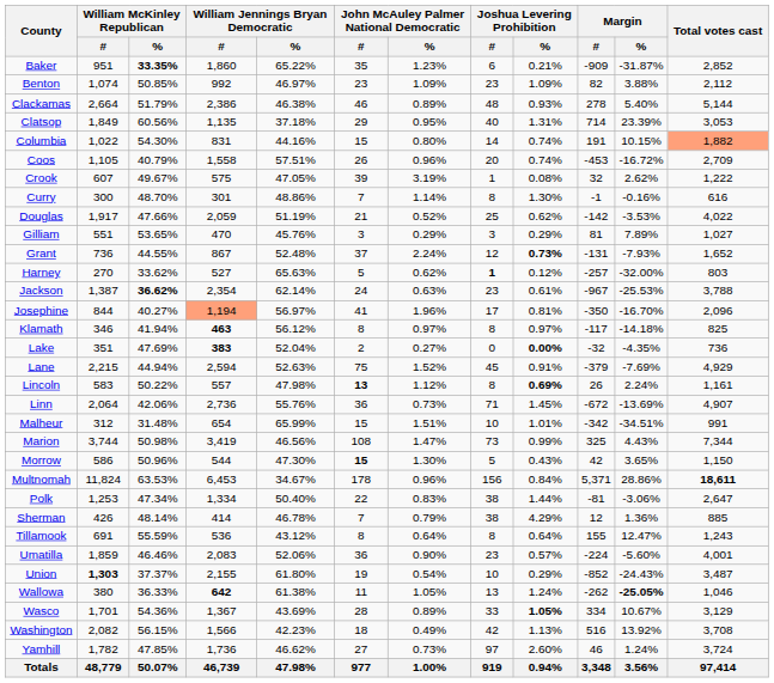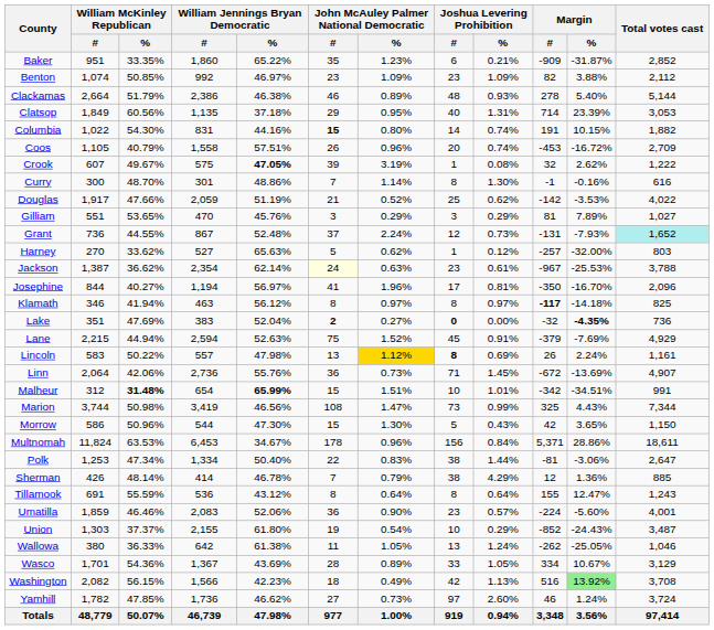 <table width="65%"  class="wikitable sortable" style="text-align:center">
 <tr>
 <th style="text-align:center;" rowspan="2">County</th>
 <th style="text-align:center;" colspan="2">William McKinley<br>Republican</th>
 <th style="text-align:center;" colspan="2">William Jennings Bryan<br>Democratic</th>
 <th style="text-align:center;" colspan="2">John McAuley Palmer<br>National Democratic</th>
 <th style="text-align:center;" colspan="2">Joshua Levering<br>Prohibition</th>
 <th style="text-align:center;" colspan="2">Margin</th>
 <th style="text-align:center;" rowspan="2">Total votes cast</th>
 </tr>
 <tr>
 <th style="text-align:center;" data-sort-type="number">#</th>
 <th style="text-align:center;" data-sort-type="number">%</th>
 <th style="text-align:center;" data-sort-type="number">#</th>
 <th style="text-align:center;" data-sort-type="number">%</th>
 <th style="text-align:center;" data-sort-type="number">#</th>
 <th style="text-align:center;" data-sort-type="number">%</th>
 <th style="text-align:center;" data-sort-type="number">#</th>
 <th style="text-align:center;" data-sort-type="number">%</th>
 <th style="text-align:center;" data-sort-type="number">#</th>
 <th style="text-align:center;" data-sort-type="number">%</th>
 </tr>
 <tr style="text-align:center;">
 <td><a href='#'>Baker</a></td>
 <td>951</td>
-<td><strong>33.35%</strong></td>
+<td>33.35%</td>
 <td>1,860</td>
 <td>65.22%</td>
 <td>35</td>
 <td>1.23%</td>
 <td>6</td>
 <td>0.21%</td>
 <td>-909</td>
 <td>-31.87%</td>
 <td>2,852</td>
 </tr>
 <tr style="text-align:center;">
 <td><a href='#'>Benton</a></td>
 <td>1,074</td>
 <td>50.85%</td>
 <td>992</td>
 <td>46.97%</td>
 <td>23</td>
 <td>1.09%</td>
 <td>23</td>
 <td>1.09%</td>
 <td>82</td>
 <td>3.88%</td>
 <td>2,112</td>
 </tr>
 <tr style="text-align:center;">
 <td><a href='#'>Clackamas</a></td>
 <td>2,664</td>
 <td>51.79%</td>
 <td>2,386</td>
 <td>46.38%</td>
 <td>46</td>
 <td>0.89%</td>
 <td>48</td>
 <td>0.93%</td>
 <td>278</td>
 <td>5.40%</td>
 <td>5,144</td>
 </tr>
 <tr style="text-align:center;">
 <td><a href='#'>Clatsop</a></td>
 <td>1,849</td>
 <td>60.56%</td>
 <td>1,135</td>
 <td>37.18%</td>
 <td>29</td>
 <td>0.95%</td>
 <td>40</td>
 <td>1.31%</td>
 <td>714</td>
 <td>23.39%</td>
 <td>3,053</td>
 </tr>
 <tr style="text-align:center;">
 <td><a href='#'>Columbia</a></td>
 <td>1,022</td>
 <td>54.30%</td>
 <td>831</td>
 <td>44.16%</td>
-<td>15</td>
+<td><strong>15</strong></td>
 <td>0.80%</td>
 <td>14</td>
 <td>0.74%</td>
 <td>191</td>
 <td>10.15%</td>
-<td style="background: lightsalmon;">1,882</td>
+<td>1,882</td>
 </tr>
 <tr style="text-align:center;">
 <td><a href='#'>Coos</a></td>
 <td>1,105</td>
 <td>40.79%</td>
 <td>1,558</td>
 <td>57.51%</td>
 <td>26</td>
 <td>0.96%</td>
 <td>20</td>
 <td>0.74%</td>
 <td>-453</td>
 <td>-16.72%</td>
 <td>2,709</td>
 </tr>
 <tr style="text-align:center;">
 <td><a href='#'>Crook</a></td>
 <td>607</td>
 <td>49.67%</td>
 <td>575</td>
-<td>47.05%</td>
+<td><strong>47.05%</strong></td>
 <td>39</td>
 <td>3.19%</td>
 <td>1</td>
 <td>0.08%</td>
 <td>32</td>
 <td>2.62%</td>
 <td>1,222</td>
 </tr>
 <tr style="text-align:center;">
 <td><a href='#'>Curry</a></td>
 <td>300</td>
 <td>48.70%</td>
 <td>301</td>
 <td>48.86%</td>
 <td>7</td>
 <td>1.14%</td>
 <td>8</td>
 <td>1.30%</td>
 <td>-1</td>
 <td>-0.16%</td>
 <td>616</td>
 </tr>
 <tr style="text-align:center;">
 <td><a href='#'>Douglas</a></td>
 <td>1,917</td>
 <td>47.66%</td>
 <td>2,059</td>
 <td>51.19%</td>
 <td>21</td>
 <td>0.52%</td>
 <td>25</td>
 <td>0.62%</td>
 <td>-142</td>
 <td>-3.53%</td>
 <td>4,022</td>
 </tr>
 <tr style="text-align:center;">
 <td><a href='#'>Gilliam</a></td>
 <td>551</td>
 <td>53.65%</td>
 <td>470</td>
 <td>45.76%</td>
 <td>3</td>
 <td>0.29%</td>
 <td>3</td>
 <td>0.29%</td>
 <td>81</td>
 <td>7.89%</td>
 <td>1,027</td>
 </tr>
 <tr style="text-align:center;">
 <td><a href='#'>Grant</a></td>
 <td>736</td>
 <td>44.55%</td>
 <td>867</td>
 <td>52.48%</td>
 <td>37</td>
 <td>2.24%</td>
 <td>12</td>
-<td><strong>0.73%</strong></td>
+<td>0.73%</td>
 <td>-131</td>
 <td>-7.93%</td>
-<td>1,652</td>
+<td style="background: paleturquoise;">1,652</td>
 </tr>
 <tr style="text-align:center;">
 <td><a href='#'>Harney</a></td>
 <td>270</td>
 <td>33.62%</td>
 <td>527</td>
 <td>65.63%</td>
 <td>5</td>
 <td>0.62%</td>
-<td><strong>1</strong></td>
+<td>1</td>
 <td>0.12%</td>
 <td>-257</td>
 <td>-32.00%</td>
 <td>803</td>
 </tr>
 <tr style="text-align:center;">
 <td><a href='#'>Jackson</a></td>
 <td>1,387</td>
-<td><strong>36.62%</strong></td>
+<td>36.62%</td>
 <td>2,354</td>
 <td>62.14%</td>
-<td>24</td>
+<td style="background: lightyellow;">24</td>
 <td>0.63%</td>
 <td>23</td>
 <td>0.61%</td>
 <td>-967</td>
 <td>-25.53%</td>
 <td>3,788</td>
 </tr>
 <tr style="text-align:center;">
 <td><a href='#'>Josephine</a></td>
 <td>844</td>
 <td>40.27%</td>
-<td style="background: lightsalmon;">1,194</td>
+<td>1,194</td>
 <td>56.97%</td>
 <td>41</td>
 <td>1.96%</td>
 <td>17</td>
 <td>0.81%</td>
 <td>-350</td>
 <td>-16.70%</td>
 <td>2,096</td>
 </tr>
 <tr style="text-align:center;">
 <td><a href='#'>Klamath</a></td>
 <td>346</td>
 <td>41.94%</td>
-<td><strong>463</strong></td>
+<td>463</td>
 <td>56.12%</td>
 <td>8</td>
 <td>0.97%</td>
 <td>8</td>
 <td>0.97%</td>
-<td>-117</td>
+<td><strong>-117</strong></td>
 <td>-14.18%</td>
 <td>825</td>
 </tr>
 <tr style="text-align:center;">
 <td><a href='#'>Lake</a></td>
 <td>351</td>
 <td>47.69%</td>
-<td><strong>383</strong></td>
+<td>383</td>
 <td>52.04%</td>
-<td>2</td>
+<td><strong>2</strong></td>
 <td>0.27%</td>
-<td>0</td>
-<td><strong>0.00%</strong></td>
+<td><strong>0</strong></td>
+<td>0.00%</td>
 <td>-32</td>
-<td>-4.35%</td>
+<td><strong>-4.35%</strong></td>
 <td>736</td>
 </tr>
 <tr style="text-align:center;">
 <td><a href='#'>Lane</a></td>
 <td>2,215</td>
 <td>44.94%</td>
 <td>2,594</td>
 <td>52.63%</td>
 <td>75</td>
 <td>1.52%</td>
 <td>45</td>
 <td>0.91%</td>
 <td>-379</td>
 <td>-7.69%</td>
 <td>4,929</td>
 </tr>
 <tr style="text-align:center;">
 <td><a href='#'>Lincoln</a></td>
 <td>583</td>
 <td>50.22%</td>
 <td>557</td>
 <td>47.98%</td>
-<td><strong>13</strong></td>
-<td>1.12%</td>
-<td>8</td>
-<td><strong>0.69%</strong></td>
+<td>13</td>
+<td style="background: gold;">1.12%</td>
+<td><strong>8</strong></td>
+<td>0.69%</td>
 <td>26</td>
 <td>2.24%</td>
 <td>1,161</td>
 </tr>
 <tr style="text-align:center;">
 <td><a href='#'>Linn</a></td>
 <td>2,064</td>
 <td>42.06%</td>
 <td>2,736</td>
 <td>55.76%</td>
 <td>36</td>
 <td>0.73%</td>
 <td>71</td>
 <td>1.45%</td>
 <td>-672</td>
 <td>-13.69%</td>
 <td>4,907</td>
 </tr>
 <tr style="text-align:center;">
 <td><a href='#'>Malheur</a></td>
 <td>312</td>
-<td>31.48%</td>
+<td><strong>31.48%</strong></td>
 <td>654</td>
-<td>65.99%</td>
+<td><strong>65.99%</strong></td>
 <td>15</td>
 <td>1.51%</td>
 <td>10</td>
 <td>1.01%</td>
 <td>-342</td>
 <td>-34.51%</td>
 <td>991</td>
 </tr>
 <tr style="text-align:center;">
 <td><a href='#'>Marion</a></td>
 <td>3,744</td>
 <td>50.98%</td>
 <td>3,419</td>
 <td>46.56%</td>
 <td>108</td>
 <td>1.47%</td>
 <td>73</td>
 <td>0.99%</td>
 <td>325</td>
 <td>4.43%</td>
 <td>7,344</td>
 </tr>
 <tr style="text-align:center;">
 <td><a href='#'>Morrow</a></td>
 <td>586</td>
 <td>50.96%</td>
 <td>544</td>
 <td>47.30%</td>
-<td><strong>15</strong></td>
+<td>15</td>
 <td>1.30%</td>
 <td>5</td>
 <td>0.43%</td>
 <td>42</td>
 <td>3.65%</td>
 <td>1,150</td>
 </tr>
 <tr style="text-align:center;">
 <td><a href='#'>Multnomah</a></td>
 <td>11,824</td>
 <td>63.53%</td>
 <td>6,453</td>
 <td>34.67%</td>
 <td>178</td>
 <td>0.96%</td>
 <td>156</td>
 <td>0.84%</td>
 <td>5,371</td>
 <td>28.86%</td>
-<td><strong>18,611</strong></td>
+<td>18,611</td>
 </tr>
 <tr style="text-align:center;">
 <td><a href='#'>Polk</a></td>
 <td>1,253</td>
 <td>47.34%</td>
 <td>1,334</td>
 <td>50.40%</td>
 <td>22</td>
 <td>0.83%</td>
 <td>38</td>
 <td>1.44%</td>
 <td>-81</td>
 <td>-3.06%</td>
 <td>2,647</td>
 </tr>
 <tr style="text-align:center;">
 <td><a href='#'>Sherman</a></td>
 <td>426</td>
 <td>48.14%</td>
 <td>414</td>
 <td>46.78%</td>
 <td>7</td>
 <td>0.79%</td>
 <td>38</td>
 <td>4.29%</td>
 <td>12</td>
 <td>1.36%</td>
 <td>885</td>
 </tr>
 <tr style="text-align:center;">
 <td><a href='#'>Tillamook</a></td>
 <td>691</td>
 <td>55.59%</td>
 <td>536</td>
 <td>43.12%</td>
 <td>8</td>
 <td>0.64%</td>
 <td>8</td>
 <td>0.64%</td>
 <td>155</td>
 <td>12.47%</td>
 <td>1,243</td>
 </tr>
 <tr style="text-align:center;">
 <td><a href='#'>Umatilla</a></td>
 <td>1,859</td>
 <td>46.46%</td>
 <td>2,083</td>
 <td>52.06%</td>
 <td>36</td>
 <td>0.90%</td>
 <td>23</td>
 <td>0.57%</td>
 <td>-224</td>
 <td>-5.60%</td>
 <td>4,001</td>
 </tr>
 <tr style="text-align:center;">
 <td><a href='#'>Union</a></td>
-<td><strong>1,303</strong></td>
+<td>1,303</td>
 <td>37.37%</td>
 <td>2,155</td>
 <td>61.80%</td>
 <td>19</td>
 <td>0.54%</td>
 <td>10</td>
 <td>0.29%</td>
 <td>-852</td>
 <td>-24.43%</td>
 <td>3,487</td>
 </tr>
 <tr style="text-align:center;">
 <td><a href='#'>Wallowa</a></td>
 <td>380</td>
 <td>36.33%</td>
-<td><strong>642</strong></td>
+<td>642</td>
 <td>61.38%</td>
 <td>11</td>
 <td>1.05%</td>
 <td>13</td>
 <td>1.24%</td>
 <td>-262</td>
-<td><strong>-25.05%</strong></td>
+<td>-25.05%</td>
 <td>1,046</td>
 </tr>
 <tr style="text-align:center;">
 <td><a href='#'>Wasco</a></td>
 <td>1,701</td>
 <td>54.36%</td>
 <td>1,367</td>
 <td>43.69%</td>
 <td>28</td>
 <td>0.89%</td>
 <td>33</td>
-<td><strong>1.05%</strong></td>
+<td>1.05%</td>
 <td>334</td>
 <td>10.67%</td>
 <td>3,129</td>
 </tr>
 <tr style="text-align:center;">
 <td><a href='#'>Washington</a></td>
 <td>2,082</td>
 <td>56.15%</td>
 <td>1,566</td>
 <td>42.23%</td>
 <td>18</td>
 <td>0.49%</td>
 <td>42</td>
 <td>1.13%</td>
 <td>516</td>
-<td>13.92%</td>
+<td style="background: lightgreen;">13.92%</td>
 <td>3,708</td>
 </tr>
 <tr style="text-align:center;">
 <td><a href='#'>Yamhill</a></td>
 <td>1,782</td>
 <td>47.85%</td>
 <td>1,736</td>
 <td>46.62%</td>
 <td>27</td>
 <td>0.73%</td>
 <td>97</td>
 <td>2.60%</td>
 <td>46</td>
 <td>1.24%</td>
 <td>3,724</td>
 </tr>
 <tr style="text-align:center;">
 <th>Totals</th>
 <th>48,779</th>
 <th>50.07%</th>
 <th>46,739</th>
 <th>47.98%</th>
 <th>977</th>
 <th>1.00%</th>
 <th>919</th>
 <th>0.94%</th>
 <th>3,348</th>
 <th>3.56%</th>
 <th>97,414</th>
 </tr>
 </table>
